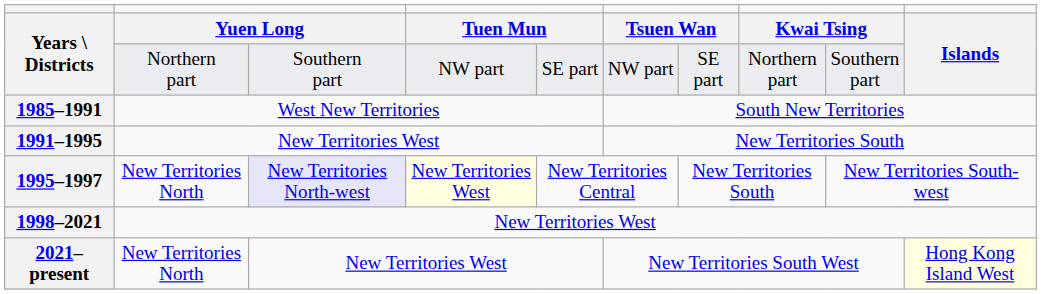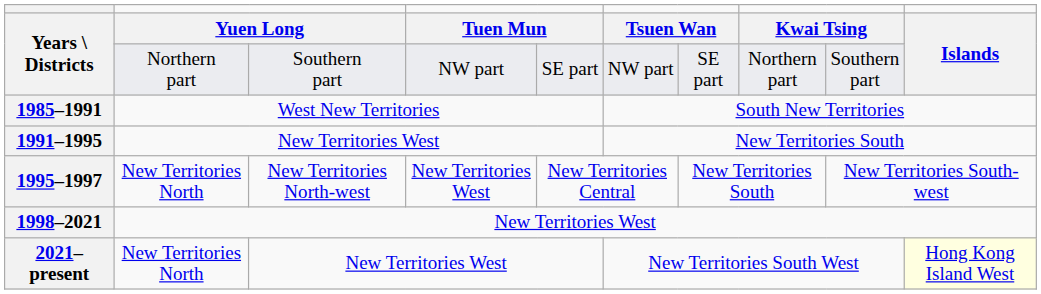 <table class="wikitable" style="text-align:center">
 <tr>
 <th></th>
 <td colspan="2"></td>
 <td colspan="2"></td>
 <td colspan="2"></td>
 <td colspan="2"></td>
 <td colspan="2"></td>
 </tr>
 <tr>
 <th rowspan="2">Years \ Districts</th>
 <th colspan="2"><a href='#'>Yuen Long</a></th>
 <th colspan="2"><a href='#'>Tuen Mun</a></th>
 <th colspan="2"><a href='#'>Tsuen Wan</a></th>
 <th colspan="2"><a href='#'>Kwai Tsing</a></th>
 <th rowspan=2><a href='#'>Islands</a></th>
 </tr>
 <tr>
 <td bgcolor="#EBECF0">Northern<br>part</td>
 <td bgcolor="#EBECF0">Southern<br>part</td>
 <td bgcolor="#EBECF0">NW part</td>
 <td bgcolor="#EBECF0">SE part</td>
 <td bgcolor="#EBECF0">NW part</td>
 <td bgcolor="#EBECF0">SE part</td>
 <td bgcolor="#EBECF0">Northern<br>part</td>
 <td bgcolor="#EBECF0">Southern<br>part</td>
 </tr>
 <tr>
 <th><a href='#'>1985</a>–1991</th>
 <td colspan="4"><a href='#'>West New Territories</a></td>
 <td colspan="5"><a href='#'>South New Territories</a></td>
 </tr>
 <tr>
 <th><a href='#'>1991</a>–1995</th>
 <td colspan="4"><a href='#'>New Territories West</a></td>
 <td colspan="5"><a href='#'>New Territories South</a></td>
 </tr>
 <tr>
 <th><a href='#'>1995</a>–1997</th>
 <td><a href='#'>New Territories North</a></td>
-<td style="background: lavender;"><a href='#'>New Territories North-west</a></td>
-<td style="background: lightyellow;"><a href='#'>New Territories West</a></td>
+<td><a href='#'>New Territories North-west</a></td>
+<td><a href='#'>New Territories West</a></td>
 <td colspan="2"><a href='#'>New Territories Central</a></td>
 <td colspan="2"><a href='#'>New Territories South</a></td>
 <td colspan="2"><a href='#'>New Territories South-west</a></td>
 </tr>
 <tr>
 <th><a href='#'>1998</a>–2021</th>
 <td colspan="9"><a href='#'>New Territories West</a></td>
 </tr>
 <tr>
 <th><a href='#'>2021</a>–present</th>
 <td><a href='#'>New Territories North</a></td>
 <td colspan="3"><a href='#'>New Territories West</a></td>
 <td colspan="4"><a href='#'>New Territories South West</a></td>
 <td style="background: lightyellow;"><a href='#'>Hong Kong Island West</a></td>
 </tr>
 </table>
